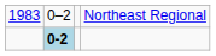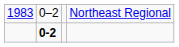 <table class="wikitable">
 <tr>
 <td><a href='#'>1983</a></td>
 <td>0–2</td>
 <td></td>
 <td><a href='#'>Northeast Regional</a></td>
 </tr>
 <tr>
 <td></td>
-<td style="background: lightblue;"><strong>0-2</strong></td>
+<td><strong>0-2</strong></td>
 <td><strong></strong></td>
 <td></td>
 </tr>
 </table>
